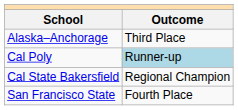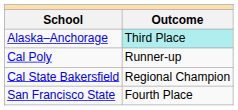 <table class="wikitable" style="float:left; margin-right:1em;">
 <tr>
 <th colspan="3" style="background:#ffdead;"></th>
 </tr>
 <tr>
 <th>School</th>
 <th>Outcome</th>
 </tr>
 <tr>
 <td><a href='#'>Alaska–Anchorage</a></td>
-<td>Third Place</td>
+<td style="background: paleturquoise;">Third Place</td>
 </tr>
 <tr>
 <td><a href='#'>Cal Poly</a></td>
-<td style="background: lightblue;">Runner-up</td>
+<td>Runner-up</td>
 </tr>
 <tr>
 <td><a href='#'>Cal State Bakersfield</a></td>
 <td>Regional Champion</td>
 </tr>
 <tr>
 <td><a href='#'>San Francisco State</a></td>
 <td>Fourth Place</td>
 </tr>
 </table>
